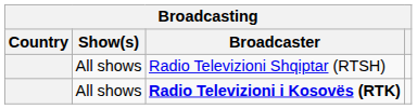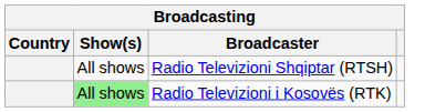 <table class="wikitable">
 <tr>
 <th colspan=4>Broadcasting</th>
 </tr>
 <tr>
 <th>Country</th>
 <th>Show(s)</th>
 <th>Broadcaster</th>
 <th></th>
 </tr>
 <tr>
 <th scope="row"></th>
 <td>All shows</td>
 <td><a href='#'>Radio Televizioni Shqiptar</a> (RTSH)</td>
 <td></td>
 </tr>
 <tr>
 <th scope="row"></th>
-<td>All shows</td>
-<td><strong><a href='#'>Radio Televizioni i Kosovës</a> (RTK)</strong></td>
+<td style="background: lightgreen;">All shows</td>
+<td><a href='#'>Radio Televizioni i Kosovës</a> (RTK)</td>
 <td></td>
 </tr>
 </table>
